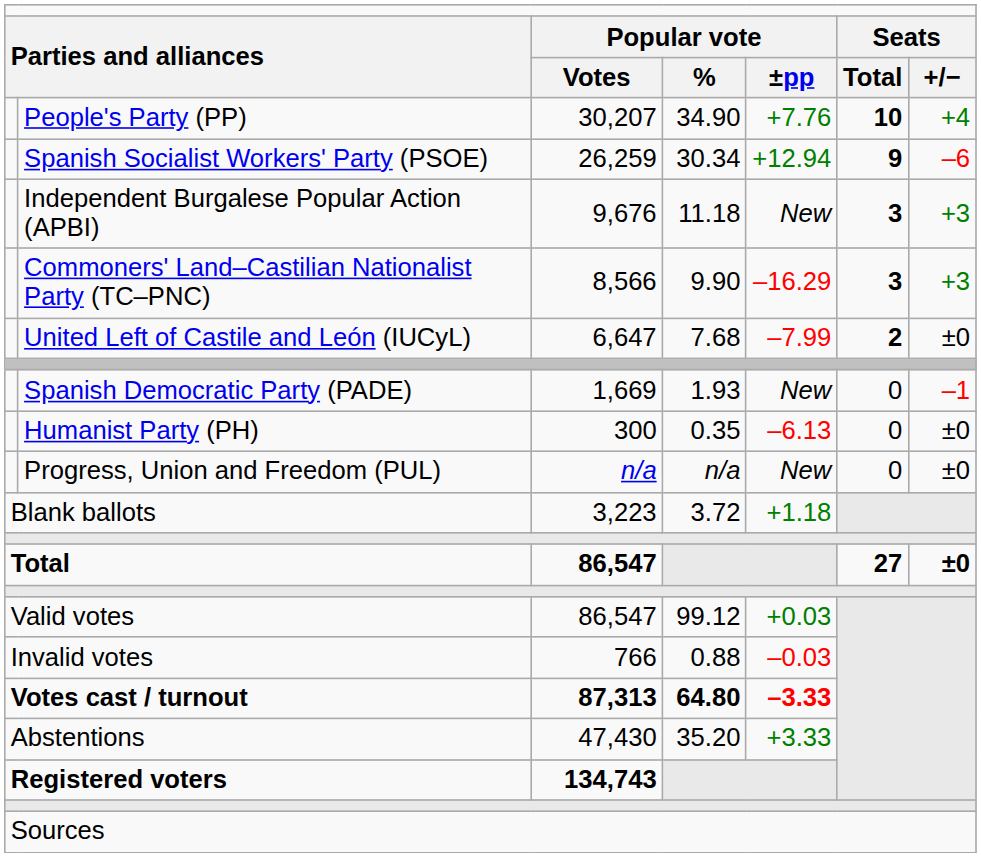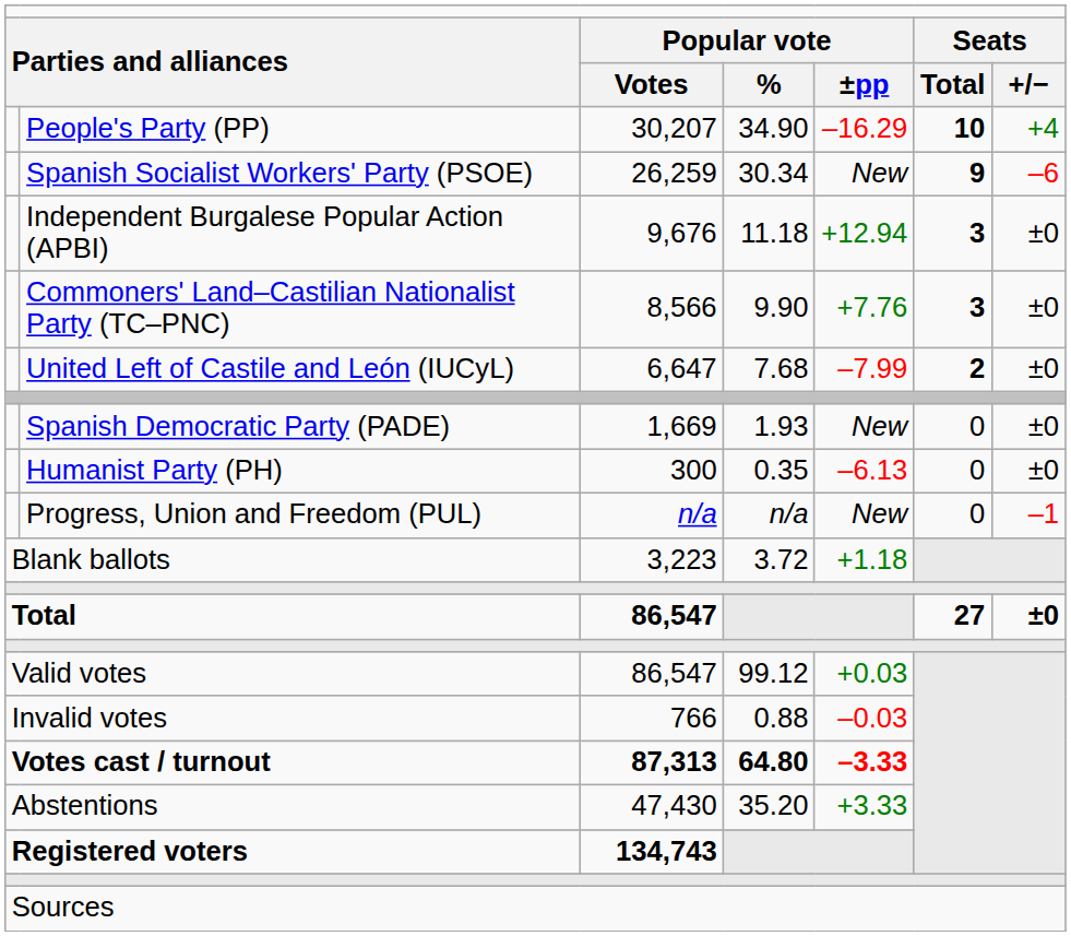 <table class="wikitable" style="text-align:right;">
 <tr>
 <td colspan="7"></td>
 </tr>
 <tr>
 <th style="text-align:left;" rowspan="2" colspan="2" width="525">Parties and alliances</th>
 <th colspan="3">Popular vote</th>
 <th colspan="2">Seats</th>
 </tr>
 <tr>
 <th width="75">Votes</th>
 <th width="45">%</th>
 <th width="45">±<a href='#'>pp</a></th>
 <th width="35">Total</th>
 <th width="35">+/−</th>
 </tr>
 <tr>
 <td width="1" style="color:inherit;background:"></td>
 <td align="left"><a href='#'>People's Party</a> (PP)</td>
 <td>30,207</td>
 <td>34.90</td>
-<td style="color:green;">+7.76</td>
+<td style="color:red;">–16.29</td>
 <td><strong>10</strong></td>
 <td style="color:green;">+4</td>
 </tr>
 <tr>
 <td style="color:inherit;background:"></td>
 <td align="left"><a href='#'>Spanish Socialist Workers' Party</a> (PSOE)</td>
 <td>26,259</td>
 <td>30.34</td>
-<td style="color:green;">+12.94</td>
+<td><em>New</em></td>
 <td><strong>9</strong></td>
 <td style="color:red;">–6</td>
 </tr>
 <tr>
 <td style="color:inherit;background:"></td>
 <td align="left">Independent Burgalese Popular Action (APBI)</td>
 <td>9,676</td>
 <td>11.18</td>
-<td><em>New</em></td>
+<td style="color:green;">+12.94</td>
 <td><strong>3</strong></td>
-<td style="color:green;">+3</td>
+<td>±0</td>
 </tr>
 <tr>
 <td style="color:inherit;background:"></td>
 <td align="left"><a href='#'>Commoners' Land–Castilian Nationalist Party</a> (TC–PNC)</td>
 <td>8,566</td>
 <td>9.90</td>
-<td style="color:red;">–16.29</td>
+<td style="color:green;">+7.76</td>
 <td><strong>3</strong></td>
-<td style="color:green;">+3</td>
+<td>±0</td>
 </tr>
 <tr>
 <td style="color:inherit;background:"></td>
 <td align="left"><a href='#'>United Left of Castile and León</a> (IUCyL)</td>
 <td>6,647</td>
 <td>7.68</td>
 <td style="color:red;">–7.99</td>
 <td><strong>2</strong></td>
 <td>±0</td>
 </tr>
 <tr>
 <td colspan="7" bgcolor="#C0C0C0"></td>
 </tr>
 <tr>
 <td style="color:inherit;background:"></td>
 <td align="left"><a href='#'>Spanish Democratic Party</a> (PADE)</td>
 <td>1,669</td>
 <td>1.93</td>
 <td><em>New</em></td>
 <td>0</td>
-<td style="color:red;">–1</td>
+<td>±0</td>
 </tr>
 <tr>
 <td style="color:inherit;background:"></td>
 <td align="left"><a href='#'>Humanist Party</a> (PH)</td>
 <td>300</td>
 <td>0.35</td>
 <td style="color:red;">–6.13</td>
 <td>0</td>
 <td>±0</td>
 </tr>
 <tr>
 <td style="color:inherit;background:"></td>
 <td align="left">Progress, Union and Freedom (PUL)</td>
 <td><em><a href='#'>n/a</a></em></td>
 <td><em>n/a</em></td>
 <td><em>New</em></td>
 <td>0</td>
-<td>±0</td>
+<td style="color:red;">–1</td>
 </tr>
 <tr>
 <td align="left" colspan="2">Blank ballots</td>
 <td>3,223</td>
 <td>3.72</td>
 <td style="color:green;">+1.18</td>
 <td bgcolor="#E9E9E9" colspan="2"></td>
 </tr>
 <tr>
 <td colspan="7" bgcolor="#E9E9E9"></td>
 </tr>
 <tr style="font-weight:bold;">
 <td align="left" colspan="2">Total</td>
 <td>86,547</td>
 <td bgcolor="#E9E9E9" colspan="2"></td>
 <td>27</td>
 <td>±0</td>
 </tr>
 <tr>
 <td colspan="7" bgcolor="#E9E9E9"></td>
 </tr>
 <tr>
 <td align="left" colspan="2">Valid votes</td>
 <td>86,547</td>
 <td>99.12</td>
 <td style="color:green;">+0.03</td>
 <td bgcolor="#E9E9E9" colspan="2" rowspan="5"></td>
 </tr>
 <tr>
 <td align="left" colspan="2">Invalid votes</td>
 <td>766</td>
 <td>0.88</td>
 <td style="color:red;">–0.03</td>
 </tr>
 <tr style="font-weight:bold;">
 <td align="left" colspan="2">Votes cast / turnout</td>
 <td>87,313</td>
 <td>64.80</td>
 <td style="color:red;">–3.33</td>
 </tr>
 <tr>
 <td align="left" colspan="2">Abstentions</td>
 <td>47,430</td>
 <td>35.20</td>
 <td style="color:green;">+3.33</td>
 </tr>
 <tr style="font-weight:bold;">
 <td align="left" colspan="2">Registered voters</td>
 <td>134,743</td>
 <td bgcolor="#E9E9E9" colspan="2"></td>
 </tr>
 <tr>
 <td colspan="7" bgcolor="#E9E9E9"></td>
 </tr>
 <tr>
 <td align="left" colspan="7">Sources</td>
 </tr>
 </table>
